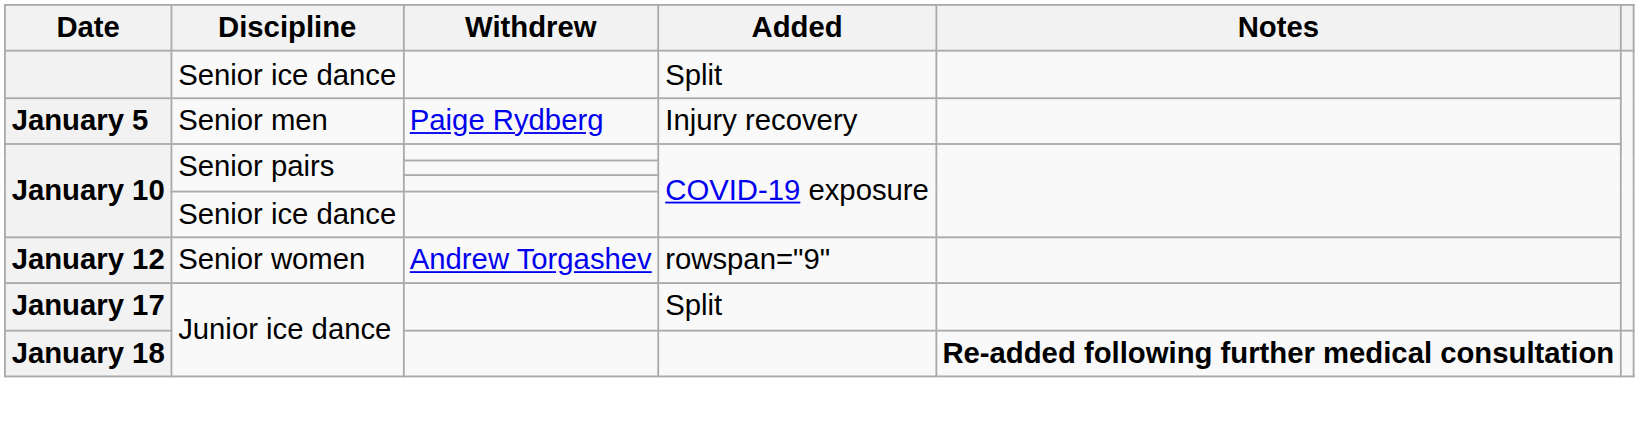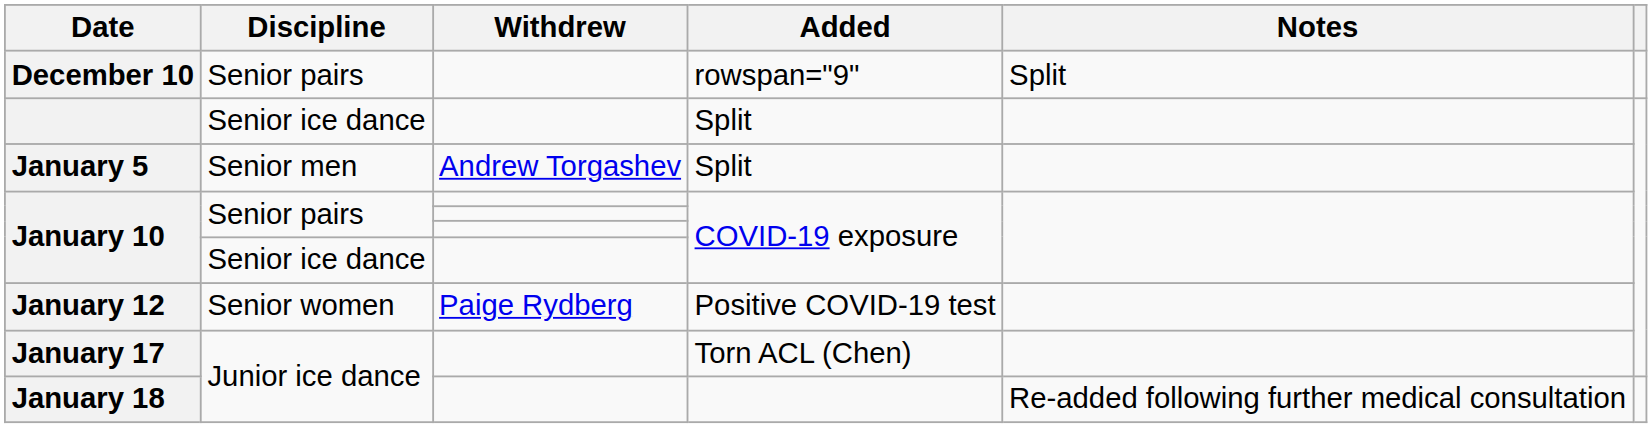 <table class="wikitable unsortable" style="text-align:left;">
 <tr>
 <th scope="col">Date</th>
 <th scope="col">Discipline</th>
 <th scope="col">Withdrew</th>
 <th scope="col">Added</th>
 <th scope="col">Notes</th>
 <th scope="col"></th>
+</tr>
+<tr>
+<th scope="row" style="text-align:left">December 10</th>
+<td>Senior pairs</td>
+<td></td>
+<td>rowspan="9" </td>
+<td>Split</td>
+<td></td>
 </tr>
 <tr>
 <th scope="row" style="text-align:left"></th>
 <td>Senior ice dance</td>
 <td></td>
 <td>Split</td>
 <td></td>
 </tr>
 <tr>
 <th scope="row" style="text-align:left">January 5</th>
 <td>Senior men</td>
-<td><a href='#'>Paige Rydberg</a></td>
-<td>Injury recovery</td>
+<td><a href='#'>Andrew Torgashev</a></td>
+<td>Split</td>
 <td></td>
 </tr>
 <tr>
 <th scope="row" style="text-align:left" rowspan=4>January 10</th>
 <td rowspan=3>Senior pairs</td>
 <td></td>
 <td rowspan=4><a href='#'>COVID-19</a> exposure</td>
 <td rowspan=4></td>
 </tr>
 <tr>
 <td></td>
 </tr>
 <tr>
 <td></td>
 </tr>
 <tr>
 <td>Senior ice dance</td>
 <td></td>
 </tr>
 <tr>
 <th scope="row" style="text-align:left">January 12</th>
 <td>Senior women</td>
-<td><a href='#'>Andrew Torgashev</a></td>
-<td>rowspan="9" </td>
+<td><a href='#'>Paige Rydberg</a></td>
+<td>Positive COVID-19 test</td>
 <td></td>
 </tr>
 <tr>
 <th scope="row" style="text-align:left">January 17</th>
 <td rowspan=2>Junior ice dance</td>
 <td></td>
-<td>Split</td>
+<td>Torn ACL (Chen)</td>
 <td></td>
 </tr>
 <tr>
 <th scope="row" style="text-align:left">January 18</th>
 <td></td>
 <td></td>
-<td><strong>Re-added following further medical consultation</strong></td>
+<td>Re-added following further medical consultation</td>
 <td></td>
 </tr>
 </table>
